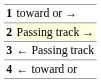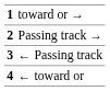 <table border="1" cellspacing="0" cellpadding="3" frame="hsides" rules="rows">
 <tr>
 <th><span>1</span></th>
 <td>  toward  or  →</td>
 </tr>
 <tr>
 <th><span>2</span></th>
-<td style="background: lightyellow;">  Passing track →</td>
+<td>  Passing track →</td>
 </tr>
 <tr>
 <th><span>3</span></th>
 <td>←  Passing track</td>
 </tr>
 <tr>
 <th><span>4</span></th>
 <td>←  toward  or </td>
 </tr>
 </table>
